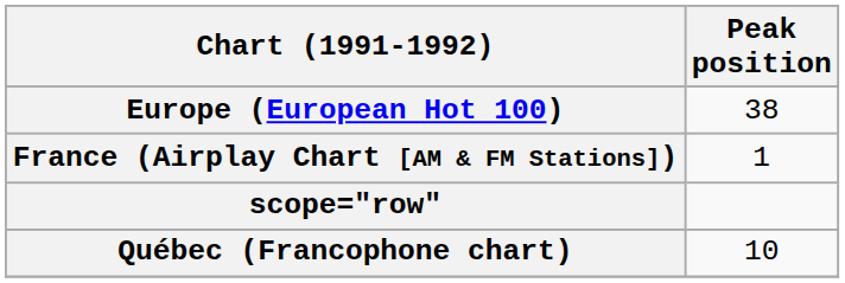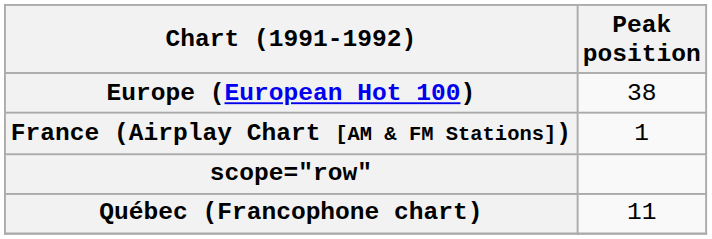 <table class="wikitable sortable plainrowheaders">
 <tr>
 <th>Chart (1991-1992)</th>
 <th>Peak<br>position</th>
 </tr>
 <tr>
 <th scope="row">Europe (<a href='#'>European Hot 100</a>)</th>
 <td align="center">38</td>
 </tr>
 <tr>
 <th scope="row">France (Airplay Chart <small>[AM & FM Stations]</small>)</th>
 <td align="center">1</td>
 </tr>
 <tr>
 <th>scope="row"</th>
 </tr>
 <tr>
 <th scope="row">Québec (Francophone chart)</th>
-<td align="center">10</td>
+<td align="center">11</td>
 </tr>
 <tr>
 </tr>
 </table>
